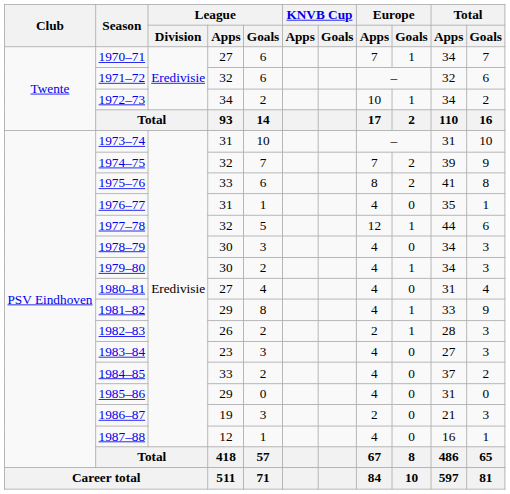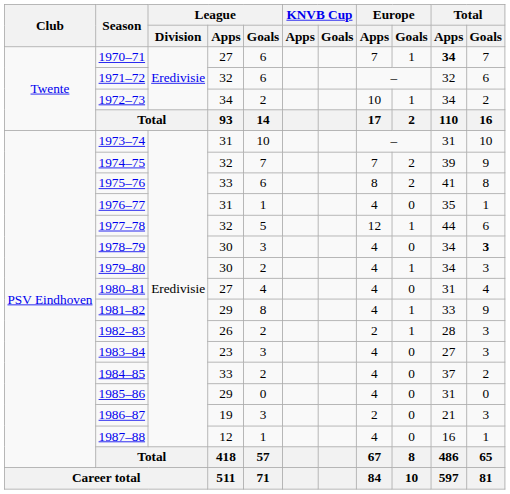 <table class=wikitable style=text-align:center>
 <tr>
 <th rowspan=2>Club</th>
 <th rowspan=2>Season</th>
 <th colspan=3>League</th>
 <th colspan=2><a href='#'>KNVB Cup</a></th>
 <th colspan=2>Europe</th>
 <th colspan=2>Total</th>
 </tr>
 <tr>
 <th>Division</th>
 <th>Apps</th>
 <th>Goals</th>
 <th>Apps</th>
 <th>Goals</th>
 <th>Apps</th>
 <th>Goals</th>
 <th>Apps</th>
 <th>Goals</th>
 </tr>
 <tr>
 <td rowspan="4"><a href='#'>Twente</a></td>
 <td><a href='#'>1970–71</a></td>
 <td rowspan="3"><a href='#'>Eredivisie</a></td>
 <td>27</td>
 <td>6</td>
 <td></td>
 <td></td>
 <td>7</td>
 <td>1</td>
-<td>34</td>
+<td><strong>34</strong></td>
 <td>7</td>
 </tr>
 <tr>
 <td><a href='#'>1971–72</a></td>
 <td>32</td>
 <td>6</td>
 <td></td>
 <td></td>
 <td colspan="2">–</td>
 <td>32</td>
 <td>6</td>
 </tr>
 <tr>
 <td><a href='#'>1972–73</a></td>
 <td>34</td>
 <td>2</td>
 <td></td>
 <td></td>
 <td>10</td>
 <td>1</td>
 <td>34</td>
 <td>2</td>
 </tr>
 <tr>
 <th colspan="2">Total</th>
 <th>93</th>
 <th>14</th>
 <th></th>
 <th></th>
 <th>17</th>
 <th>2</th>
 <th>110</th>
 <th>16</th>
 </tr>
 <tr>
 <td rowspan="16"><a href='#'>PSV Eindhoven</a></td>
 <td><a href='#'>1973–74</a></td>
 <td rowspan="15">Eredivisie</td>
 <td>31</td>
 <td>10</td>
 <td></td>
 <td></td>
 <td colspan="2">–</td>
 <td>31</td>
 <td>10</td>
 </tr>
 <tr>
 <td><a href='#'>1974–75</a></td>
 <td>32</td>
 <td>7</td>
 <td></td>
 <td></td>
 <td>7</td>
 <td>2</td>
 <td>39</td>
 <td>9</td>
 </tr>
 <tr>
 <td><a href='#'>1975–76</a></td>
 <td>33</td>
 <td>6</td>
 <td></td>
 <td></td>
 <td>8</td>
 <td>2</td>
 <td>41</td>
 <td>8</td>
 </tr>
 <tr>
 <td><a href='#'>1976–77</a></td>
 <td>31</td>
 <td>1</td>
 <td></td>
 <td></td>
 <td>4</td>
 <td>0</td>
 <td>35</td>
 <td>1</td>
 </tr>
 <tr>
 <td><a href='#'>1977–78</a></td>
 <td>32</td>
 <td>5</td>
 <td></td>
 <td></td>
 <td>12</td>
 <td>1</td>
 <td>44</td>
 <td>6</td>
 </tr>
 <tr>
 <td><a href='#'>1978–79</a></td>
 <td>30</td>
 <td>3</td>
 <td></td>
 <td></td>
 <td>4</td>
 <td>0</td>
 <td>34</td>
-<td>3</td>
+<td><strong>3</strong></td>
 </tr>
 <tr>
 <td><a href='#'>1979–80</a></td>
 <td>30</td>
 <td>2</td>
 <td></td>
 <td></td>
 <td>4</td>
 <td>1</td>
 <td>34</td>
 <td>3</td>
 </tr>
 <tr>
 <td><a href='#'>1980–81</a></td>
 <td>27</td>
 <td>4</td>
 <td></td>
 <td></td>
 <td>4</td>
 <td>0</td>
 <td>31</td>
 <td>4</td>
 </tr>
 <tr>
 <td><a href='#'>1981–82</a></td>
 <td>29</td>
 <td>8</td>
 <td></td>
 <td></td>
 <td>4</td>
 <td>1</td>
 <td>33</td>
 <td>9</td>
 </tr>
 <tr>
 <td><a href='#'>1982–83</a></td>
 <td>26</td>
 <td>2</td>
 <td></td>
 <td></td>
 <td>2</td>
 <td>1</td>
 <td>28</td>
 <td>3</td>
 </tr>
 <tr>
 <td><a href='#'>1983–84</a></td>
 <td>23</td>
 <td>3</td>
 <td></td>
 <td></td>
 <td>4</td>
 <td>0</td>
 <td>27</td>
 <td>3</td>
 </tr>
 <tr>
 <td><a href='#'>1984–85</a></td>
 <td>33</td>
 <td>2</td>
 <td></td>
 <td></td>
 <td>4</td>
 <td>0</td>
 <td>37</td>
 <td>2</td>
 </tr>
 <tr>
 <td><a href='#'>1985–86</a></td>
 <td>29</td>
 <td>0</td>
 <td></td>
 <td></td>
 <td>4</td>
 <td>0</td>
 <td>31</td>
 <td>0</td>
 </tr>
 <tr>
 <td><a href='#'>1986–87</a></td>
 <td>19</td>
 <td>3</td>
 <td></td>
 <td></td>
 <td>2</td>
 <td>0</td>
 <td>21</td>
 <td>3</td>
 </tr>
 <tr>
 <td><a href='#'>1987–88</a></td>
 <td>12</td>
 <td>1</td>
 <td></td>
 <td></td>
 <td>4</td>
 <td>0</td>
 <td>16</td>
 <td>1</td>
 </tr>
 <tr>
 <th colspan="2">Total</th>
 <th>418</th>
 <th>57</th>
 <th></th>
 <th></th>
 <th>67</th>
 <th>8</th>
 <th>486</th>
 <th>65</th>
 </tr>
 <tr>
 <th colspan="3">Career total</th>
 <th>511</th>
 <th>71</th>
 <th></th>
 <th></th>
 <th>84</th>
 <th>10</th>
 <th>597</th>
 <th>81</th>
 </tr>
 </table>
